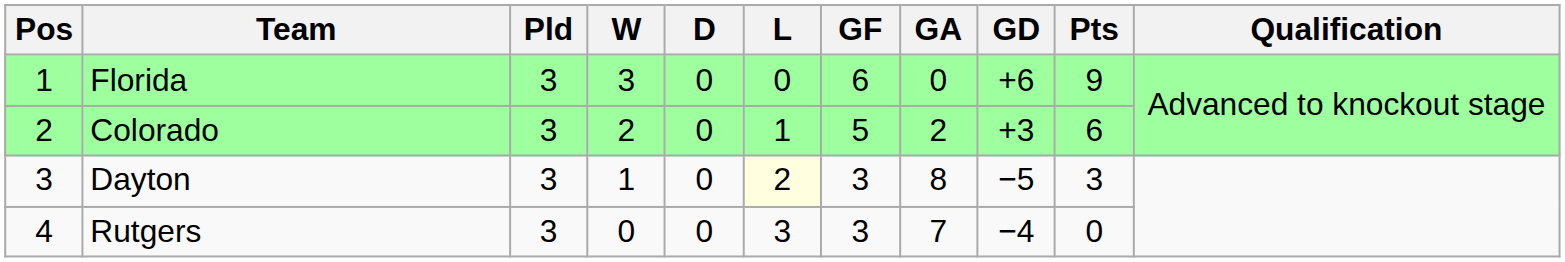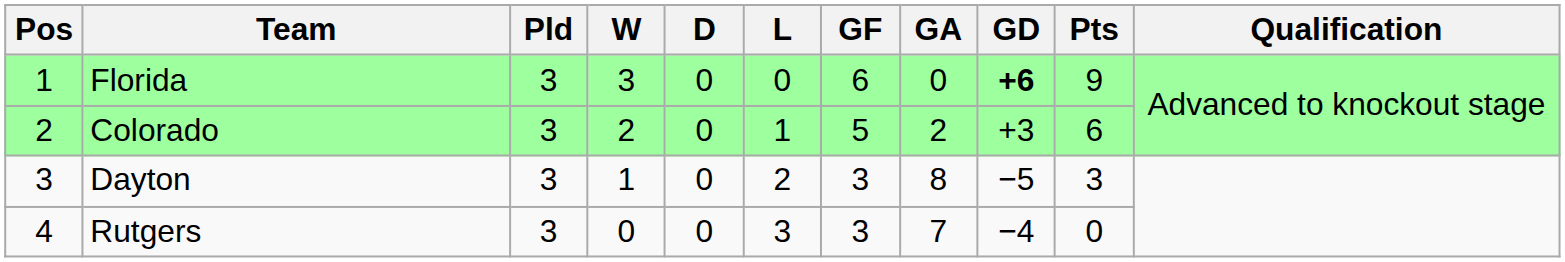 <table class="wikitable" style="text-align:center; margin: 1em auto">
 <tr>
 <th style="width:2em">Pos</th>
 <th style="width:13em">Team</th>
 <th style="width:2em">Pld</th>
 <th style="width:2em">W</th>
 <th style="width:2em">D</th>
 <th style="width:2em">L</th>
 <th style="width:2em">GF</th>
 <th style="width:2em">GA</th>
 <th style="width:2em">GD</th>
 <th style="width:2em">Pts</th>
 <th style="width:13em">Qualification</th>
 </tr>
 <tr bgcolor="#9eff9e">
 <td>1</td>
 <td style="text-align:left">Florida</td>
 <td>3</td>
 <td>3</td>
 <td>0</td>
 <td>0</td>
 <td>6</td>
 <td>0</td>
-<td>+6</td>
+<td><strong>+6</strong></td>
 <td>9</td>
 <td rowspan="2">Advanced to knockout stage</td>
 </tr>
 <tr bgcolor="#9eff9e">
 <td>2</td>
 <td style="text-align:left">Colorado</td>
 <td>3</td>
 <td>2</td>
 <td>0</td>
 <td>1</td>
 <td>5</td>
 <td>2</td>
 <td>+3</td>
 <td>6</td>
 </tr>
 <tr>
 <td>3</td>
 <td style="text-align:left">Dayton</td>
 <td>3</td>
 <td>1</td>
 <td>0</td>
-<td style="background: lightyellow;">2</td>
+<td>2</td>
 <td>3</td>
 <td>8</td>
 <td>−5</td>
 <td>3</td>
 <td rowspan="2"></td>
 </tr>
 <tr>
 <td>4</td>
 <td style="text-align:left">Rutgers</td>
 <td>3</td>
 <td>0</td>
 <td>0</td>
 <td>3</td>
 <td>3</td>
 <td>7</td>
 <td>−4</td>
 <td>0</td>
 </tr>
 </table>
